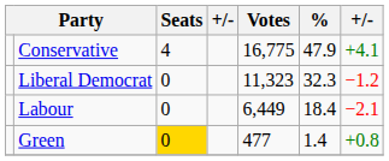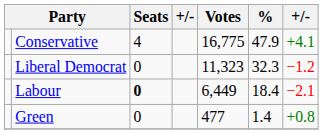 <table class="wikitable">
 <tr>
 <th colspan="2">Party</th>
 <th>Seats</th>
 <th>+/-</th>
 <th>Votes</th>
 <th>%</th>
 <th>+/-</th>
 </tr>
 <tr>
 <td style="background-color: "></td>
 <td><a href='#'>Conservative</a></td>
 <td>4</td>
 <td></td>
 <td>16,775</td>
 <td>47.9</td>
 <td style="color:green">+4.1</td>
 </tr>
 <tr>
 <td style="background-color: "></td>
 <td><a href='#'>Liberal Democrat</a></td>
 <td>0</td>
 <td></td>
 <td>11,323</td>
 <td>32.3</td>
 <td style="color:red">−1.2</td>
 </tr>
 <tr>
 <td style="background-color: "></td>
 <td><a href='#'>Labour</a></td>
-<td>0</td>
+<td><strong>0</strong></td>
 <td></td>
 <td>6,449</td>
 <td>18.4</td>
 <td style="color:red">−2.1</td>
 </tr>
 <tr>
 <td style="background-color: "></td>
 <td><a href='#'>Green</a></td>
-<td style="background: gold;">0</td>
+<td>0</td>
 <td></td>
 <td>477</td>
 <td>1.4</td>
 <td style="color:green">+0.8</td>
 </tr>
 <tr>
 </tr>
 </table>
